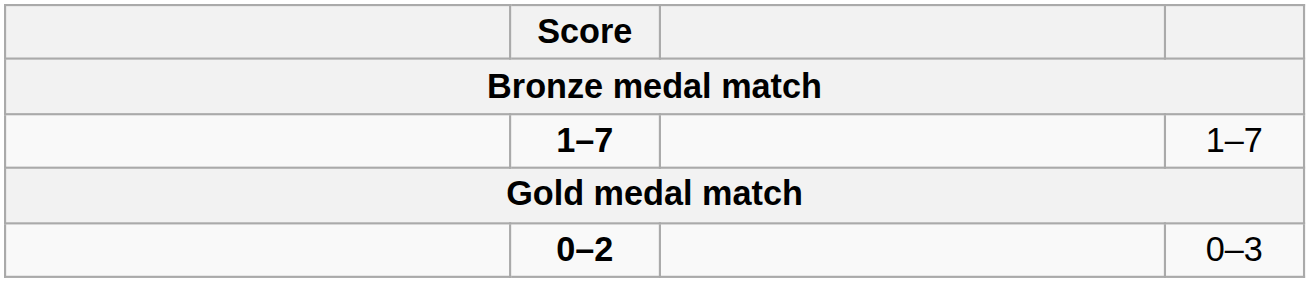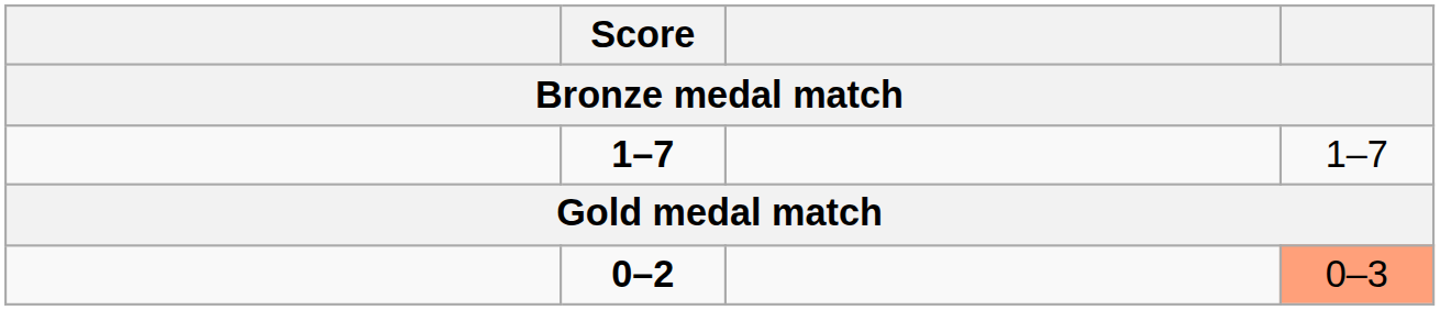 <table class="wikitable" style="text-align: left;">
 <tr>
 <th align="right" width="270"></th>
 <th width="65">Score</th>
 <th align="left" width="270"></th>
 <th width="65"></th>
 </tr>
 <tr>
 <th colspan=4>Bronze medal match</th>
 </tr>
 <tr>
 <td></td>
 <td align="center"><strong>1–7</strong></td>
 <td><strong></strong></td>
 <td align=center>1–7 <strong></strong></td>
 </tr>
 <tr>
 <th colspan=4>Gold medal match</th>
 </tr>
 <tr>
 <td></td>
 <td align="center"><strong>0–2</strong></td>
 <td><strong></strong></td>
-<td align=center>0–3 <strong></strong></td>
+<td align=center style="background: lightsalmon;">0–3 <strong></strong></td>
 </tr>
 </table>
